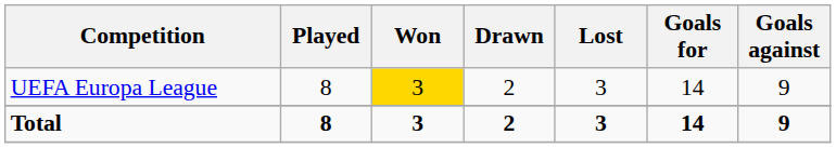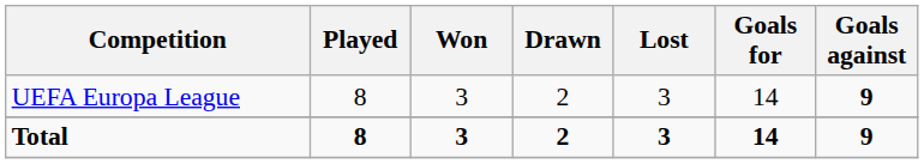 <table class="sortable wikitable">
 <tr>
 <th width=30%>Competition</th>
 <th width=10%>Played</th>
 <th width=10%>Won</th>
 <th width=10%>Drawn</th>
 <th width=10%>Lost</th>
 <th width=10%>Goals<br>for</th>
 <th width=10%>Goals<br>against</th>
 </tr>
 <tr>
 <td><a href='#'>UEFA Europa League</a></td>
 <td align=center>8</td>
-<td align=center style="background: gold;">3</td>
+<td align=center>3</td>
 <td align=center>2</td>
 <td align=center>3</td>
 <td align=center>14</td>
-<td align=center>9</td>
+<td align=center><strong>9</strong></td>
 </tr>
 <tr>
 </tr>
 <tr class="sortbottom">
 <td><strong>Total</strong></td>
 <td align=center><strong>8</strong></td>
 <td align=center><strong>3</strong></td>
 <td align=center><strong>2</strong></td>
 <td align=center><strong>3</strong></td>
 <td align=center><strong>14</strong></td>
 <td align=center><strong>9</strong></td>
 </tr>
 <tr>
 </tr>
 </table>
